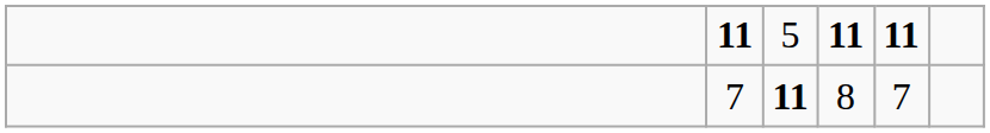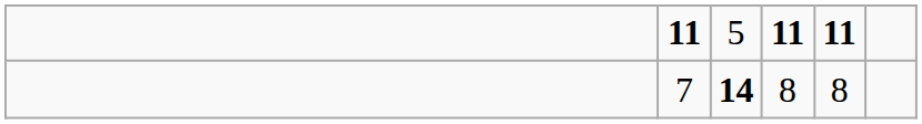 <table class="wikitable">
 <tr>
 <td style="width:18em"></td>
 <td align=center style="width:1em"><strong>11</strong></td>
 <td align=center style="width:1em">5</td>
 <td align=center style="width:1em"><strong>11</strong></td>
 <td align=center style="width:1em"><strong>11</strong></td>
 <td align=center style="width:1em"></td>
 </tr>
 <tr>
 <td style="width:18em"></td>
 <td align=center style="width:1em">7</td>
-<td align=center style="width:1em"><strong>11</strong></td>
+<td align=center style="width:1em"><strong>14</strong></td>
 <td align=center style="width:1em">8</td>
-<td align=center style="width:1em">7</td>
+<td align=center style="width:1em">8</td>
 <td align=center style="width:1em"></td>
 </tr>
 </table>
